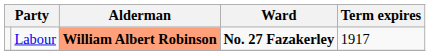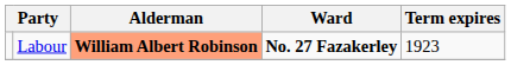 <table class="wikitable">
 <tr>
 <th colspan="2">Party</th>
 <th>Alderman</th>
 <th>Ward</th>
 <th>Term expires</th>
 </tr>
 <tr>
 <td style="background-color:"></td>
 <td><a href='#'>Labour</a></td>
 <td style="background: lightsalmon;"><strong>William Albert Robinson</strong></td>
 <td><strong>No. 27 Fazakerley</strong></td>
-<td>1917</td>
+<td>1923</td>
 </tr>
 <tr>
 </tr>
 </table>
